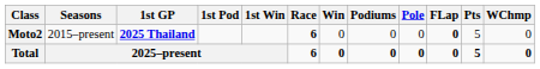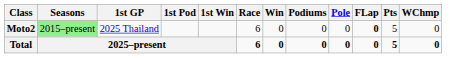 <table class="wikitable" style="text-align:right;">
 <tr>
 <th>Class</th>
 <th>Seasons</th>
 <th>1st GP</th>
 <th>1st Pod</th>
 <th>1st Win</th>
 <th>Race</th>
 <th>Win</th>
 <th>Podiums</th>
 <th><a href='#'>Pole</a></th>
 <th>FLap</th>
 <th>Pts</th>
 <th>WChmp</th>
 </tr>
 <tr>
 <th>Moto2</th>
-<td>2015–present</td>
-<td style="text-align:left;"><strong><a href='#'>2025 Thailand</a></strong></td>
+<td style="background: lightgreen;">2015–present</td>
+<td style="text-align:left;"><a href='#'>2025 Thailand</a></td>
 <td style="text-align:left;"></td>
 <td style="text-align:left;"></td>
-<td><strong>6</strong></td>
+<td>6</td>
 <td>0</td>
 <td>0</td>
 <td>0</td>
 <td><strong>0</strong></td>
 <td>5</td>
 <td>0</td>
 </tr>
 <tr>
 <th>Total</th>
 <th colspan="4">2025–present</th>
 <td><strong>6</strong></td>
 <td><strong>0</strong></td>
 <td><strong>0</strong></td>
 <td><strong>0</strong></td>
 <td><strong>0</strong></td>
 <td><strong>5</strong></td>
 <td><strong>0</strong></td>
 </tr>
 </table>
